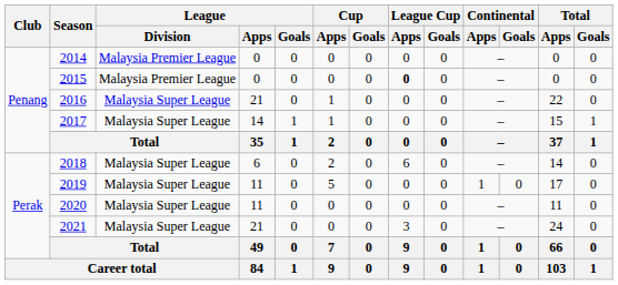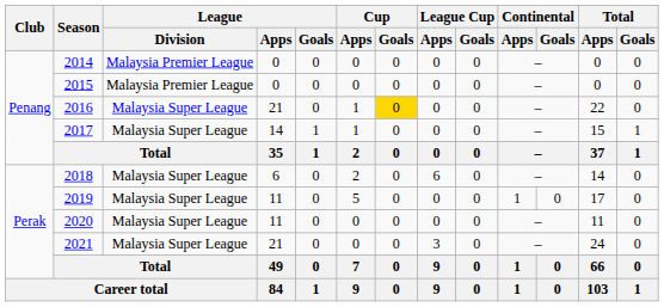 <table class=wikitable style="text-align: center">
 <tr>
 <th rowspan=2>Club</th>
 <th rowspan=2>Season</th>
 <th colspan=3>League</th>
 <th colspan=2>Cup</th>
 <th colspan=2>League Cup</th>
 <th colspan=2>Continental</th>
 <th colspan=2>Total</th>
 </tr>
 <tr>
 <th>Division</th>
 <th>Apps</th>
 <th>Goals</th>
 <th>Apps</th>
 <th>Goals</th>
 <th>Apps</th>
 <th>Goals</th>
 <th>Apps</th>
 <th>Goals</th>
 <th>Apps</th>
 <th>Goals</th>
 </tr>
 <tr>
 <td rowspan=5><a href='#'>Penang</a></td>
 <td><a href='#'>2014</a></td>
 <td><a href='#'>Malaysia Premier League</a></td>
 <td>0</td>
 <td>0</td>
 <td>0</td>
 <td>0</td>
 <td>0</td>
 <td>0</td>
 <td colspan="2">–</td>
 <td>0</td>
 <td>0</td>
 </tr>
 <tr>
 <td><a href='#'>2015</a></td>
 <td>Malaysia Premier League</td>
 <td>0</td>
 <td>0</td>
 <td>0</td>
 <td>0</td>
-<td><strong>0</strong></td>
+<td>0</td>
 <td>0</td>
 <td colspan="2">–</td>
 <td>0</td>
 <td>0</td>
 </tr>
 <tr>
 <td><a href='#'>2016</a></td>
 <td><a href='#'>Malaysia Super League</a></td>
 <td>21</td>
 <td>0</td>
 <td>1</td>
-<td>0</td>
+<td style="background: gold;">0</td>
 <td>0</td>
 <td>0</td>
 <td colspan="2">–</td>
 <td>22</td>
 <td>0</td>
 </tr>
 <tr>
 <td><a href='#'>2017</a></td>
 <td>Malaysia Super League</td>
 <td>14</td>
 <td>1</td>
 <td>1</td>
 <td>0</td>
 <td>0</td>
 <td>0</td>
 <td colspan="2">–</td>
 <td>15</td>
 <td>1</td>
 </tr>
 <tr>
 <th colspan=2>Total</th>
 <th>35</th>
 <th>1</th>
 <th>2</th>
 <th>0</th>
 <th>0</th>
 <th>0</th>
 <th colspan="2">–</th>
 <th>37</th>
 <th>1</th>
 </tr>
 <tr>
 <td rowspan=5><a href='#'>Perak</a></td>
 <td><a href='#'>2018</a></td>
 <td>Malaysia Super League</td>
 <td>6</td>
 <td>0</td>
 <td>2</td>
 <td>0</td>
 <td>6</td>
 <td>0</td>
 <td colspan="2">–</td>
 <td>14</td>
 <td>0</td>
 </tr>
 <tr>
 <td><a href='#'>2019</a></td>
 <td>Malaysia Super League</td>
 <td>11</td>
 <td>0</td>
 <td>5</td>
 <td>0</td>
 <td>0</td>
 <td>0</td>
 <td>1</td>
 <td>0</td>
 <td>17</td>
 <td>0</td>
 </tr>
 <tr>
 <td><a href='#'>2020</a></td>
 <td>Malaysia Super League</td>
 <td>11</td>
 <td>0</td>
 <td>0</td>
 <td>0</td>
 <td>0</td>
 <td>0</td>
 <td colspan="2">–</td>
 <td>11</td>
 <td>0</td>
 </tr>
 <tr>
 <td><a href='#'>2021</a></td>
 <td>Malaysia Super League</td>
 <td>21</td>
 <td>0</td>
 <td>0</td>
 <td>0</td>
 <td>3</td>
 <td>0</td>
 <td colspan="2">–</td>
 <td>24</td>
 <td>0</td>
 </tr>
 <tr>
 <th colspan=2>Total</th>
 <th>49</th>
 <th>0</th>
 <th>7</th>
 <th>0</th>
 <th>9</th>
 <th>0</th>
 <th>1</th>
 <th>0</th>
 <th>66</th>
 <th>0</th>
 </tr>
 <tr>
 <th colspan=3>Career total</th>
 <th>84</th>
 <th>1</th>
 <th>9</th>
 <th>0</th>
 <th>9</th>
 <th>0</th>
 <th>1</th>
 <th>0</th>
 <th>103</th>
 <th>1</th>
 </tr>
 </table>
